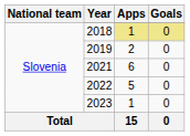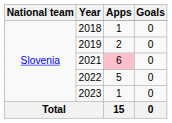 <table class="wikitable" style="text-align:center">
 <tr>
 <th>National team</th>
 <th>Year</th>
 <th>Apps</th>
 <th>Goals</th>
 </tr>
 <tr>
 <td rowspan=6><a href='#'>Slovenia</a></td>
 </tr>
 <tr>
 <td>2018</td>
-<td style="background: khaki;">1</td>
-<td style="background: khaki;">0</td>
+<td>1</td>
+<td>0</td>
 </tr>
 <tr>
 <td>2019</td>
 <td>2</td>
 <td>0</td>
 </tr>
 <tr>
 <td>2021</td>
-<td>6</td>
+<td style="background: pink;">6</td>
 <td>0</td>
 </tr>
 <tr>
 <td>2022</td>
 <td>5</td>
 <td>0</td>
 </tr>
 <tr>
 <td>2023</td>
 <td>1</td>
 <td>0</td>
 </tr>
 <tr>
 <th colspan="2">Total</th>
 <th>15</th>
 <th>0</th>
 </tr>
 </table>
